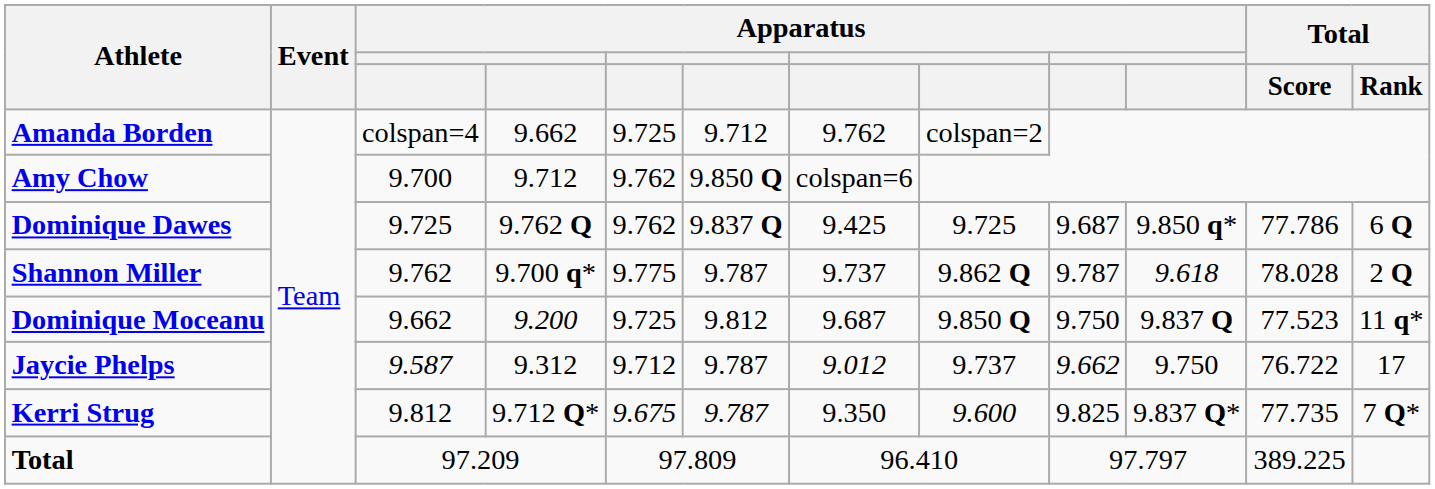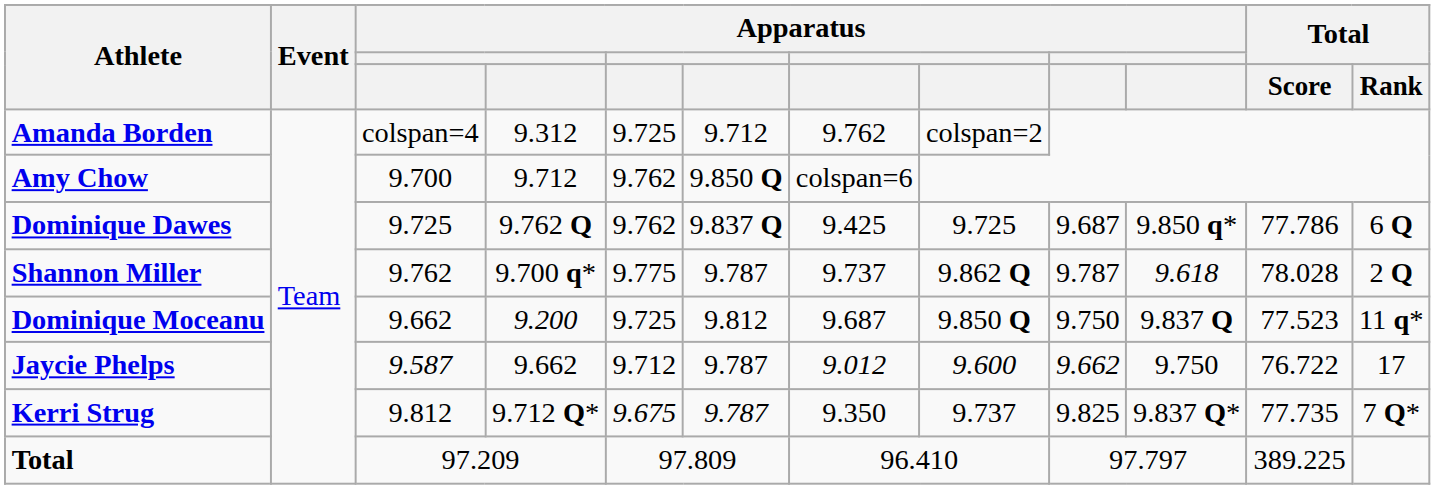 <table class=wikitable style=font-size:90%;text-align:center>
 <tr>
 <th rowspan=3>Athlete</th>
 <th rowspan=3>Event</th>
 <th colspan=8>Apparatus</th>
 <th colspan=2 rowspan=2>Total</th>
 </tr>
 <tr style=font-size:95%>
 <th colspan=2></th>
 <th colspan=2></th>
 <th colspan=2></th>
 <th colspan=2></th>
 </tr>
 <tr style=font-size:95%>
 <th></th>
 <th></th>
 <th></th>
 <th></th>
 <th></th>
 <th></th>
 <th></th>
 <th></th>
 <th>Score</th>
 <th>Rank</th>
 </tr>
 <tr>
 <td align=left><strong><a href='#'>Amanda Borden</a></strong></td>
 <td align=left rowspan=8><a href='#'>Team</a></td>
 <td>colspan=4 </td>
-<td>9.662</td>
+<td>9.312</td>
 <td>9.725</td>
 <td>9.712</td>
 <td>9.762</td>
 <td>colspan=2 </td>
 </tr>
 <tr>
 <td align=left><strong><a href='#'>Amy Chow</a></strong></td>
 <td>9.700</td>
 <td>9.712</td>
 <td>9.762</td>
 <td>9.850 <strong>Q</strong></td>
 <td>colspan=6 </td>
 </tr>
 <tr>
 <td align=left><strong><a href='#'>Dominique Dawes</a></strong></td>
 <td>9.725</td>
 <td>9.762 <strong>Q</strong></td>
 <td>9.762</td>
 <td>9.837 <strong>Q</strong></td>
 <td>9.425</td>
 <td>9.725</td>
 <td>9.687</td>
 <td>9.850 <strong>q</strong>*</td>
 <td>77.786</td>
 <td>6 <strong>Q</strong></td>
 </tr>
 <tr>
 <td align=left><strong><a href='#'>Shannon Miller</a></strong></td>
 <td>9.762</td>
 <td>9.700 <strong>q</strong>*</td>
 <td>9.775</td>
 <td>9.787</td>
 <td>9.737</td>
 <td>9.862 <strong>Q</strong></td>
 <td>9.787</td>
 <td><em>9.618</em></td>
 <td>78.028</td>
 <td>2 <strong>Q</strong></td>
 </tr>
 <tr>
 <td align=left><strong><a href='#'>Dominique Moceanu</a></strong></td>
 <td>9.662</td>
 <td><em>9.200</em></td>
 <td>9.725</td>
 <td>9.812</td>
 <td>9.687</td>
 <td>9.850 <strong>Q</strong></td>
 <td>9.750</td>
 <td>9.837 <strong>Q</strong></td>
 <td>77.523</td>
 <td>11 <strong>q</strong>*</td>
 </tr>
 <tr>
 <td align=left><strong><a href='#'>Jaycie Phelps</a></strong></td>
 <td><em>9.587</em></td>
-<td>9.312</td>
+<td>9.662</td>
 <td>9.712</td>
 <td>9.787</td>
 <td><em>9.012</em></td>
-<td>9.737</td>
+<td><em>9.600</em></td>
 <td><em>9.662</em></td>
 <td>9.750</td>
 <td>76.722</td>
 <td>17</td>
 </tr>
 <tr>
 <td align=left><strong><a href='#'>Kerri Strug</a></strong></td>
 <td>9.812</td>
 <td>9.712 <strong>Q</strong>*</td>
 <td><em>9.675</em></td>
 <td><em>9.787</em></td>
 <td>9.350</td>
-<td><em>9.600</em></td>
+<td>9.737</td>
 <td>9.825</td>
 <td>9.837 <strong>Q</strong>*</td>
 <td>77.735</td>
 <td>7 <strong>Q</strong>*</td>
 </tr>
 <tr>
 <td align=left><strong>Total</strong></td>
 <td colspan=2>97.209</td>
 <td colspan=2>97.809</td>
 <td colspan=2>96.410</td>
 <td colspan=2>97.797</td>
 <td>389.225</td>
 <td></td>
 </tr>
 </table>
